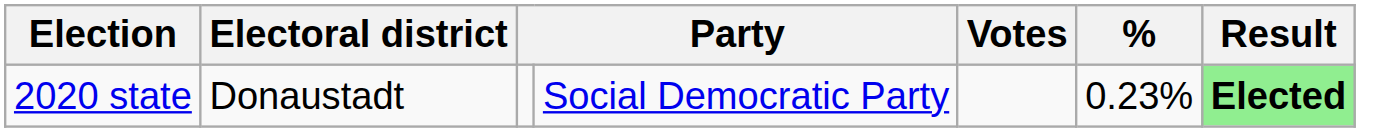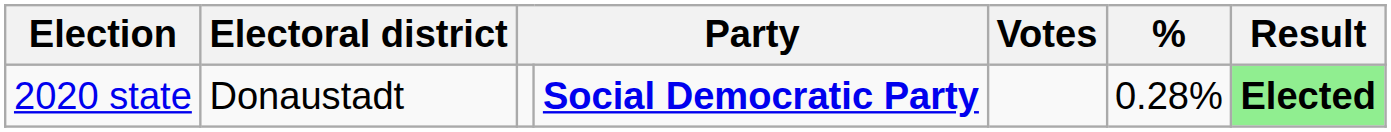 <table class="wikitable" style="text-align:left;">
 <tr>
 <th scope=col>Election</th>
 <th scope=col>Electoral district</th>
 <th scope=col colspan="2">Party</th>
 <th scope=col>Votes</th>
 <th scope=col>%</th>
 <th scope=col>Result</th>
 </tr>
 <tr>
 <td><a href='#'>2020 state</a></td>
 <td>Donaustadt</td>
 <td style="background:"></td>
-<td><a href='#'>Social Democratic Party</a></td>
+<td><strong><a href='#'>Social Democratic Party</a></strong></td>
 <td align=right></td>
-<td align=right>0.23%</td>
+<td align=right>0.28%</td>
 <td style="background: lightgreen;"><strong>Elected</strong></td>
 </tr>
 </table>
